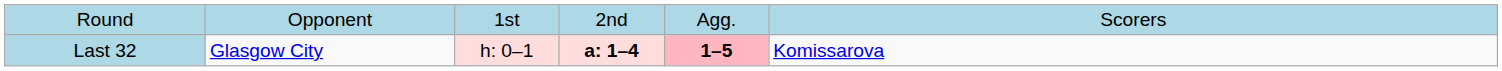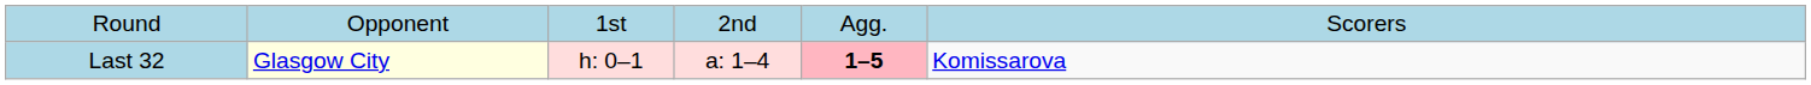 <table class="wikitable" style="text-align:center">
 <tr bgcolor=lightblue>
 <td width=160px>Round</td>
 <td width=200px>Opponent</td>
 <td width=80px>1st</td>
 <td width=80px>2nd</td>
 <td width=80px>Agg.</td>
 <td width=600px>Scorers</td>
 </tr>
 <tr>
 <td bgcolor=lightblue>Last 32</td>
-<td align=left> <a href='#'>Glasgow City</a></td>
+<td align=left style="background: lightyellow;"> <a href='#'>Glasgow City</a></td>
 <td bgcolor="#ffdddd">h: 0–1</td>
-<td bgcolor="#ffdddd"><strong>a: 1–4</strong></td>
+<td bgcolor="#ffdddd">a: 1–4</td>
 <td bgcolor=lightpink><strong>1–5</strong></td>
 <td align=left><a href='#'>Komissarova</a></td>
 </tr>
 </table>
